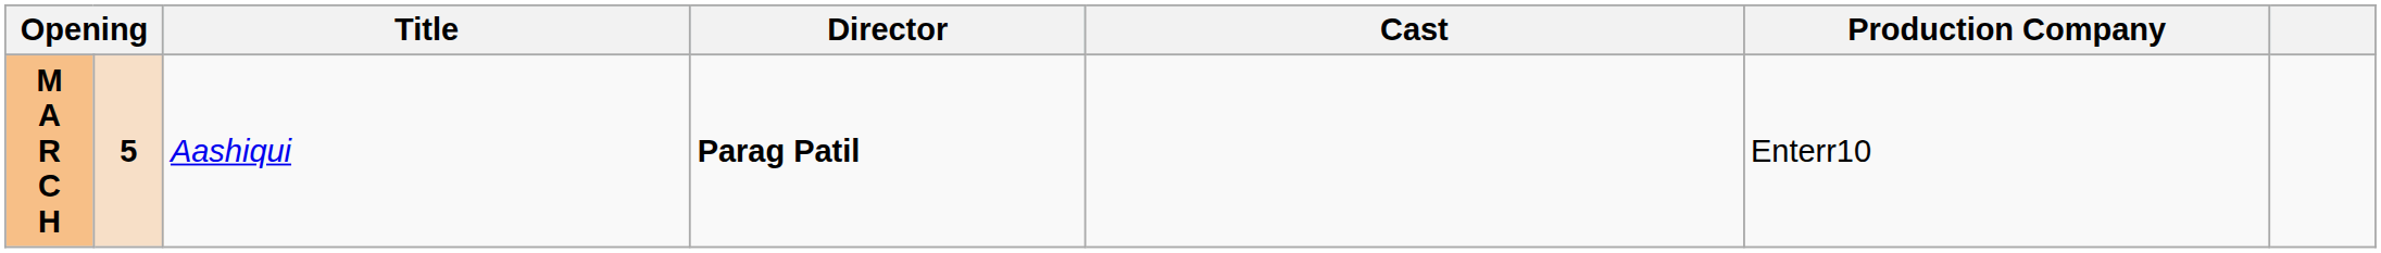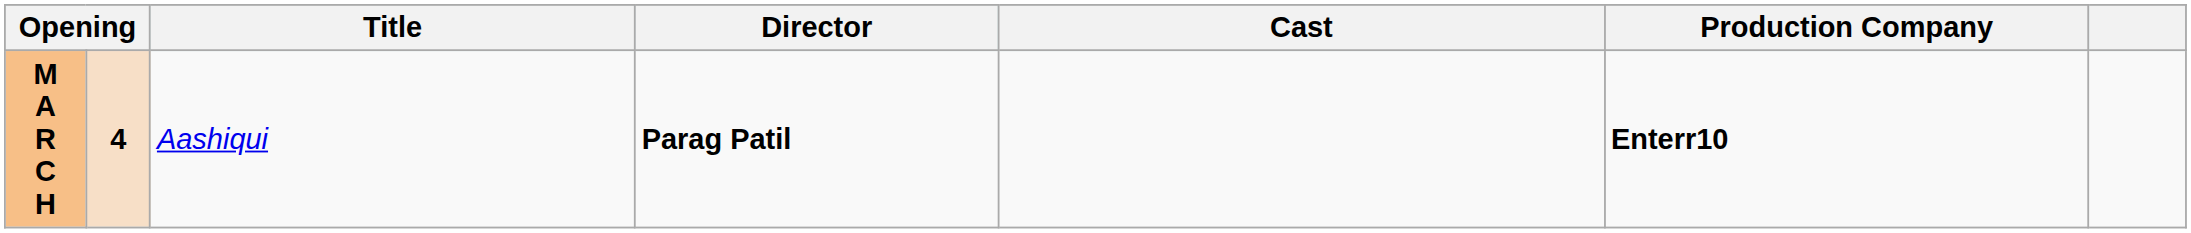 <table class="wikitable sortable">
 <tr style="background:#b0e0e6; text-align:center;">
 <th colspan="2" style="width:6%;"><strong>Opening</strong></th>
 <th style="width:20%;"><strong>Title</strong></th>
 <th style="width:15%;"><strong>Director</strong></th>
 <th style="width:25%;"><strong>Cast</strong></th>
 <th style="width:20%;">Production Company</th>
 <th style="width:4%;"><strong></strong></th>
 </tr>
 <tr>
 <th rowspan="1" style="text-align:center; background:#f7bf87; text color:#000;">M<br>A<br>R<br>C<br>H</th>
-<td rowspan="1" style="text-align:center; background:#f7dfc7"><strong>5</strong></td>
+<td rowspan="1" style="text-align:center; background:#f7dfc7"><strong>4</strong></td>
 <td><em><a href='#'>Aashiqui</a></em></td>
 <td><strong>Parag Patil</strong></td>
 <td></td>
-<td>Enterr10</td>
+<td><strong>Enterr10</strong></td>
 <td></td>
 </tr>
 </table>
